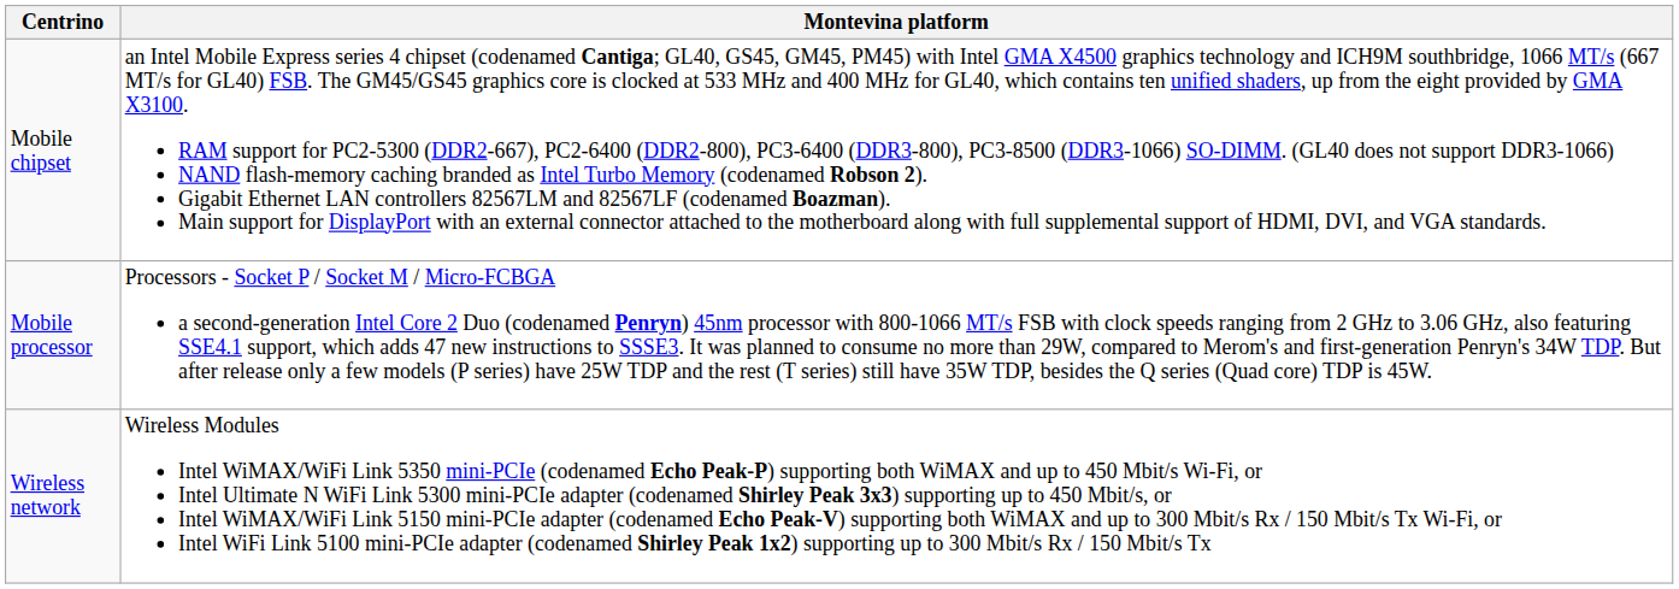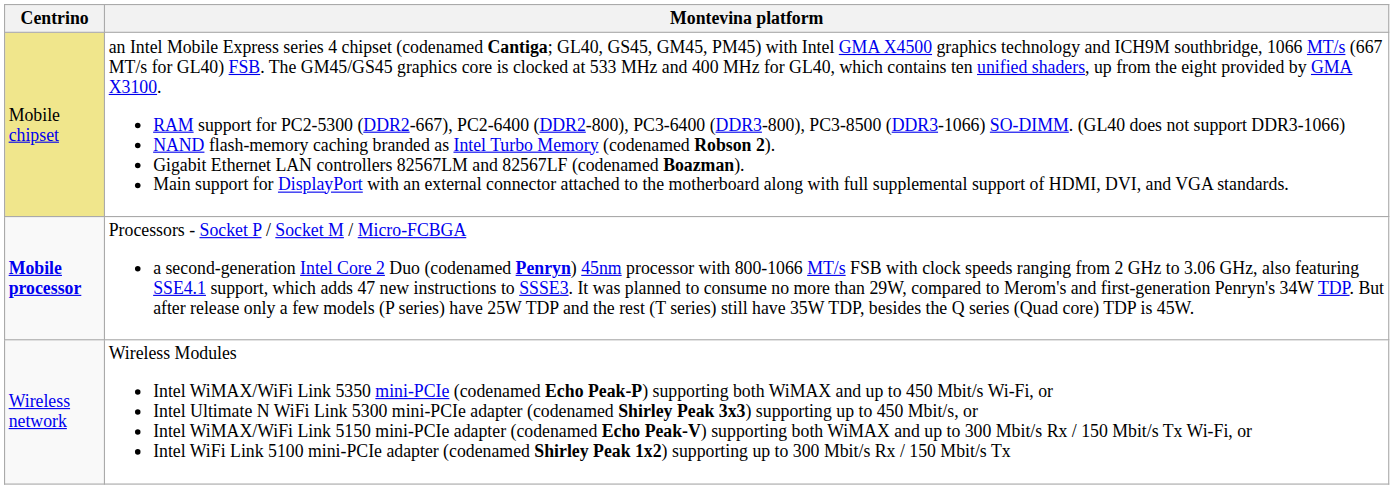 <table class="wikitable">
 <tr>
 <th>Centrino</th>
 <th>Montevina platform</th>
 </tr>
 <tr>
-<td>Mobile <a href='#'>chipset</a></td>
+<td style="background: khaki;">Mobile <a href='#'>chipset</a></td>
 <td style="background:white">an Intel Mobile Express series 4 chipset (codenamed <strong>Cantiga</strong>; GL40, GS45, GM45, PM45) with Intel <a href='#'>GMA X4500</a> graphics technology and ICH9M southbridge, 1066 <a href='#'>MT/s</a> (667 MT/s for GL40) <a href='#'>FSB</a>. The GM45/GS45 graphics core is clocked at 533 MHz and 400 MHz for GL40, which contains ten <a href='#'>unified shaders</a>, up from the eight provided by <a href='#'>GMA X3100</a>.<br><ul><li><a href='#'>RAM</a> support for PC2-5300 (<a href='#'>DDR2</a>-667), PC2-6400 (<a href='#'>DDR2</a>-800), PC3-6400 (<a href='#'>DDR3</a>-800), PC3-8500 (<a href='#'>DDR3</a>-1066) <a href='#'>SO-DIMM</a>. (GL40 does not support DDR3-1066)</li><li><a href='#'>NAND</a> flash-memory caching branded as <a href='#'>Intel Turbo Memory</a> (codenamed <strong>Robson 2</strong>).</li><li>Gigabit Ethernet LAN controllers 82567LM and 82567LF (codenamed <strong>Boazman</strong>).</li><li>Main support for <a href='#'>DisplayPort</a> with an external connector attached to the motherboard along with full supplemental support of HDMI, DVI, and VGA standards.</li></ul></td>
 </tr>
 <tr>
-<td><a href='#'>Mobile processor</a></td>
+<td><strong><a href='#'>Mobile processor</a></strong></td>
 <td style="background:white">Processors - <a href='#'>Socket P</a> / <a href='#'>Socket M</a> / <a href='#'>Micro-FCBGA</a><br><ul><li>a second-generation <a href='#'>Intel Core 2</a> Duo (codenamed <strong><a href='#'>Penryn</a></strong>) <a href='#'>45nm</a> processor with 800-1066 <a href='#'>MT/s</a> FSB with clock speeds ranging from 2 GHz to 3.06 GHz, also featuring <a href='#'>SSE4.1</a> support, which adds 47 new instructions to <a href='#'>SSSE3</a>. It was planned to consume no more than 29W, compared to Merom's and first-generation Penryn's 34W <a href='#'>TDP</a>. But after release only a few models (P series) have 25W TDP and the rest (T series) still have 35W TDP, besides the Q series (Quad core) TDP is 45W.</li></ul></td>
 </tr>
 <tr>
 <td><a href='#'>Wireless network</a></td>
 <td style="background:white">Wireless Modules<br><ul><li>Intel WiMAX/WiFi Link 5350 <a href='#'>mini-PCIe</a> (codenamed <strong>Echo Peak-P</strong>) supporting both WiMAX and up to 450 Mbit/s Wi-Fi, or</li><li>Intel Ultimate N WiFi Link 5300 mini-PCIe adapter (codenamed <strong>Shirley Peak 3x3</strong>) supporting up to 450 Mbit/s, or</li><li>Intel WiMAX/WiFi Link 5150 mini-PCIe adapter (codenamed <strong>Echo Peak-V</strong>) supporting both WiMAX and up to 300 Mbit/s Rx / 150 Mbit/s Tx Wi-Fi, or</li><li>Intel WiFi Link 5100 mini-PCIe adapter (codenamed <strong>Shirley Peak 1x2</strong>) supporting up to 300 Mbit/s Rx / 150 Mbit/s Tx</li></ul></td>
 </tr>
 </table>
